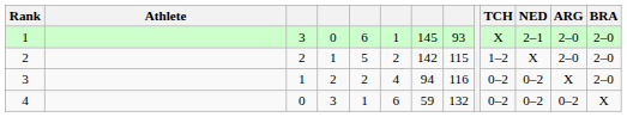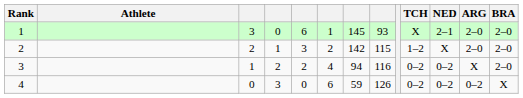 <table class="wikitable" style="text-align:center">
 <tr>
 <th width=40>Rank</th>
 <th width=280>Athlete</th>
 <th width=30></th>
 <th width=30></th>
 <th width=30></th>
 <th width=30></th>
 <th width=30></th>
 <th width=30></th>
 <th rowspan=5></th>
 <th width=30>TCH</th>
 <th width=30>NED</th>
 <th width=30>ARG</th>
 <th width=30>BRA</th>
 </tr>
 <tr style="background-color:#ccffcc;">
 <td>1</td>
 <td align=left></td>
 <td>3</td>
 <td>0</td>
 <td>6</td>
 <td>1</td>
 <td>145</td>
 <td>93</td>
 <td>X</td>
 <td>2–1</td>
 <td>2–0</td>
 <td>2–0</td>
 </tr>
 <tr>
 <td>2</td>
 <td align=left></td>
 <td>2</td>
 <td>1</td>
-<td>5</td>
+<td>3</td>
 <td>2</td>
 <td>142</td>
 <td>115</td>
 <td>1–2</td>
 <td>X</td>
 <td>2–0</td>
 <td>2–0</td>
 </tr>
 <tr>
 <td>3</td>
 <td align=left></td>
 <td>1</td>
 <td>2</td>
 <td>2</td>
 <td>4</td>
 <td>94</td>
 <td>116</td>
 <td>0–2</td>
 <td>0–2</td>
 <td>X</td>
 <td>2–0</td>
 </tr>
 <tr>
 <td>4</td>
 <td align=left></td>
 <td>0</td>
 <td>3</td>
-<td>1</td>
+<td>0</td>
 <td>6</td>
 <td>59</td>
-<td>132</td>
+<td>126</td>
 <td>0–2</td>
 <td>0–2</td>
 <td>0–2</td>
 <td>X</td>
 </tr>
 </table>
